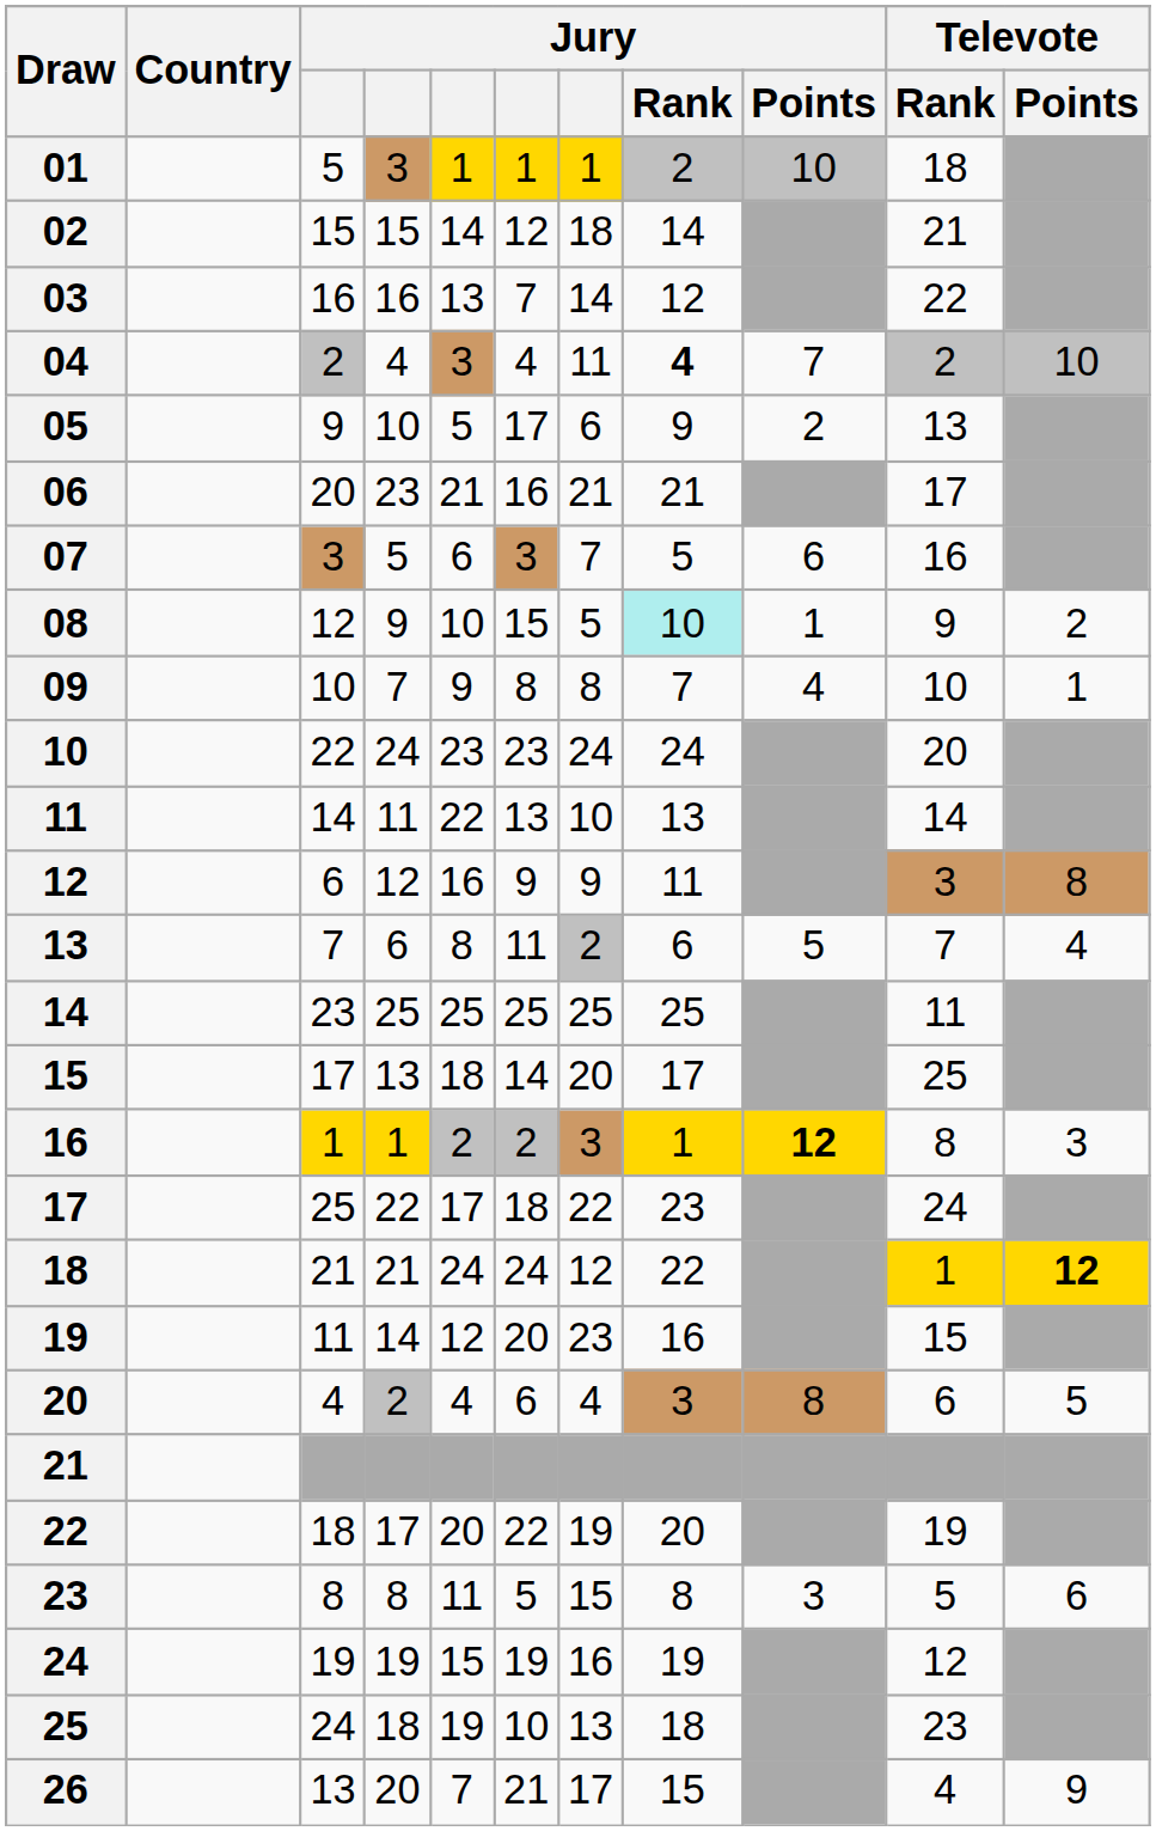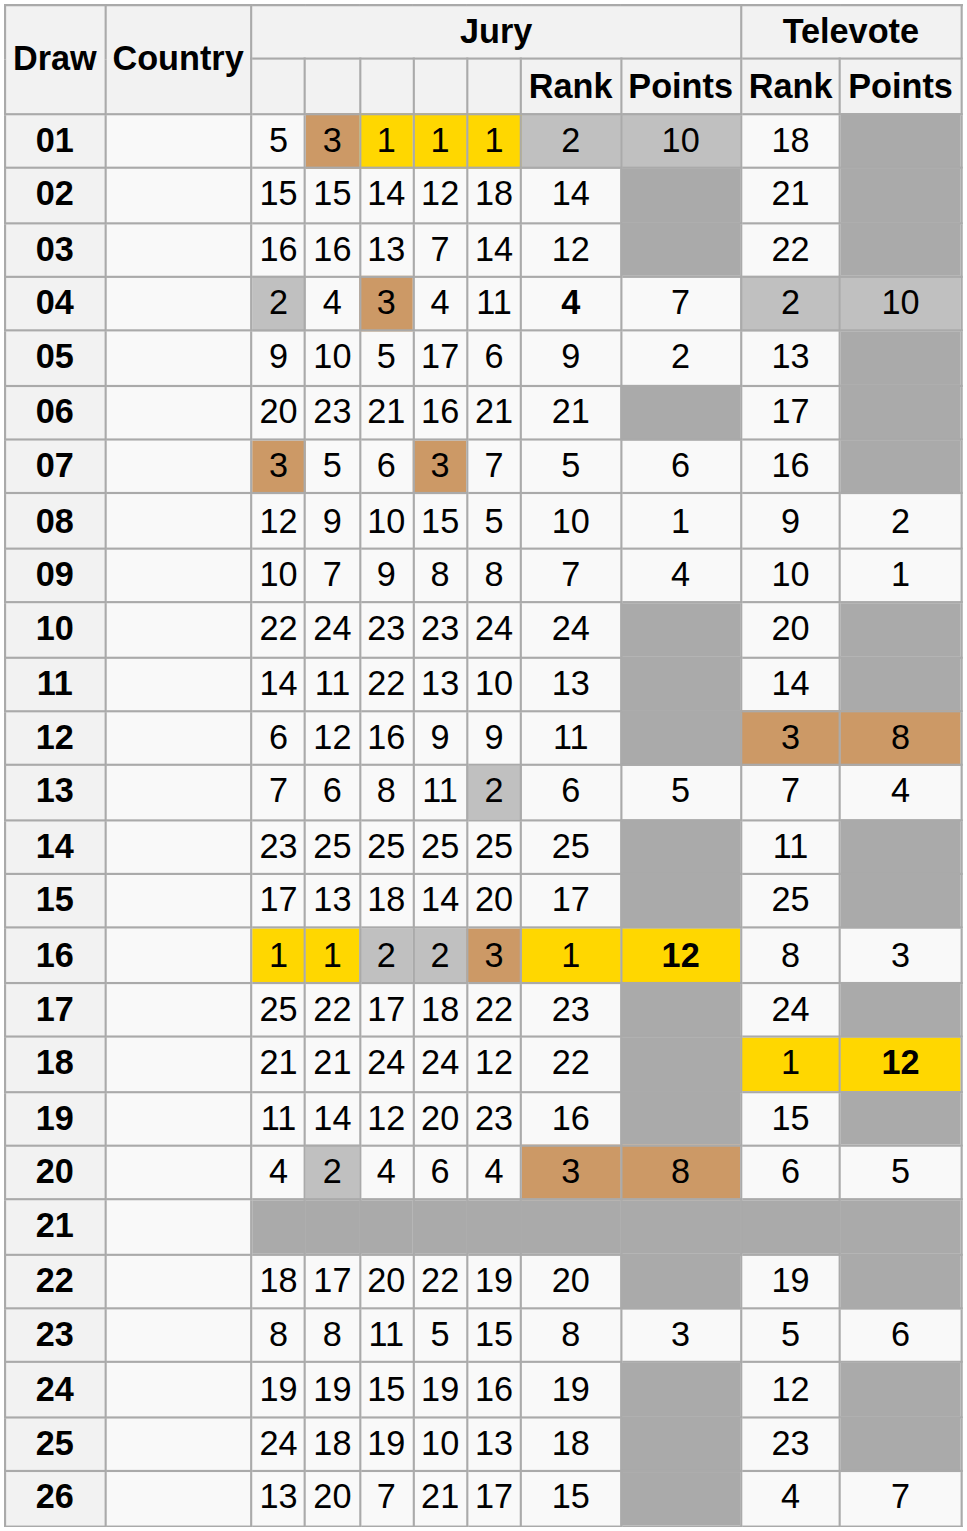 <table class="sortable wikitable collapsible plainrowheaders" style="text-align:center;">
 <tr>
 </tr>
 <tr>
 <th scope="col" rowspan="2">Draw</th>
 <th scope="col" rowspan="2">Country</th>
 <th scope="col" colspan="7">Jury</th>
 <th scope="col" colspan="2">Televote</th>
 </tr>
 <tr>
 <th scope="col"><small></small></th>
 <th scope="col"><small></small></th>
 <th scope="col"><small></small></th>
 <th scope="col"><small></small></th>
 <th scope="col"><small></small></th>
 <th scope="col">Rank</th>
 <th scope="col">Points</th>
 <th scope="col">Rank</th>
 <th scope="col">Points</th>
 </tr>
 <tr>
 <th scope="row" style="text-align:center;">01</th>
 <td style="text-align:left;"></td>
 <td>5</td>
 <td style="background:#CC9966;">3</td>
 <td style="background:gold;">1</td>
 <td style="background:gold;">1</td>
 <td style="background:gold;">1</td>
 <td style="background:silver;">2</td>
 <td style="background:silver;">10</td>
 <td>18</td>
 <td style="background:#AAAAAA;"></td>
 </tr>
 <tr>
 <th scope="row" style="text-align:center;">02</th>
 <td style="text-align:left;"></td>
 <td>15</td>
 <td>15</td>
 <td>14</td>
 <td>12</td>
 <td>18</td>
 <td>14</td>
 <td style="background:#AAAAAA;"></td>
 <td>21</td>
 <td style="background:#AAAAAA;"></td>
 </tr>
 <tr>
 <th scope="row" style="text-align:center;">03</th>
 <td style="text-align:left;"></td>
 <td>16</td>
 <td>16</td>
 <td>13</td>
 <td>7</td>
 <td>14</td>
 <td>12</td>
 <td style="background:#AAAAAA;"></td>
 <td>22</td>
 <td style="background:#AAAAAA;"></td>
 </tr>
 <tr>
 <th scope="row" style="text-align:center;">04</th>
 <td style="text-align:left;"></td>
 <td style="background:silver;">2</td>
 <td>4</td>
 <td style="background:#CC9966;">3</td>
 <td>4</td>
 <td>11</td>
 <td><strong>4</strong></td>
 <td>7</td>
 <td style="background:silver;">2</td>
 <td style="background:silver;">10</td>
 </tr>
 <tr>
 <th scope="row" style="text-align:center;">05</th>
 <td style="text-align:left;"></td>
 <td>9</td>
 <td>10</td>
 <td>5</td>
 <td>17</td>
 <td>6</td>
 <td>9</td>
 <td>2</td>
 <td>13</td>
 <td style="background:#AAAAAA;"></td>
 </tr>
 <tr>
 <th scope="row" style="text-align:center;">06</th>
 <td style="text-align:left;"></td>
 <td>20</td>
 <td>23</td>
 <td>21</td>
 <td>16</td>
 <td>21</td>
 <td>21</td>
 <td style="background:#AAAAAA;"></td>
 <td>17</td>
 <td style="background:#AAAAAA;"></td>
 </tr>
 <tr>
 <th scope="row" style="text-align:center;">07</th>
 <td style="text-align:left;"></td>
 <td style="background:#CC9966;">3</td>
 <td>5</td>
 <td>6</td>
 <td style="background:#CC9966;">3</td>
 <td>7</td>
 <td>5</td>
 <td>6</td>
 <td>16</td>
 <td style="background:#AAAAAA;"></td>
 </tr>
 <tr>
 <th scope="row" style="text-align:center;">08</th>
 <td style="text-align:left;"></td>
 <td>12</td>
 <td>9</td>
 <td>10</td>
 <td>15</td>
 <td>5</td>
-<td style="background: paleturquoise;">10</td>
+<td>10</td>
 <td>1</td>
 <td>9</td>
 <td>2</td>
 </tr>
 <tr>
 <th scope="row" style="text-align:center;">09</th>
 <td style="text-align:left;"></td>
 <td>10</td>
 <td>7</td>
 <td>9</td>
 <td>8</td>
 <td>8</td>
 <td>7</td>
 <td>4</td>
 <td>10</td>
 <td>1</td>
 </tr>
 <tr>
 <th scope="row" style="text-align:center;">10</th>
 <td style="text-align:left;"></td>
 <td>22</td>
 <td>24</td>
 <td>23</td>
 <td>23</td>
 <td>24</td>
 <td>24</td>
 <td style="background:#AAAAAA;"></td>
 <td>20</td>
 <td style="background:#AAAAAA;"></td>
 </tr>
 <tr>
 <th scope="row" style="text-align:center;">11</th>
 <td style="text-align:left;"></td>
 <td>14</td>
 <td>11</td>
 <td>22</td>
 <td>13</td>
 <td>10</td>
 <td>13</td>
 <td style="background:#AAAAAA;"></td>
 <td>14</td>
 <td style="background:#AAAAAA;"></td>
 </tr>
 <tr>
 <th scope="row" style="text-align:center;">12</th>
 <td style="text-align:left;"></td>
 <td>6</td>
 <td>12</td>
 <td>16</td>
 <td>9</td>
 <td>9</td>
 <td>11</td>
 <td style="background:#AAAAAA;"></td>
 <td style="background:#CC9966;">3</td>
 <td style="background:#CC9966;">8</td>
 </tr>
 <tr>
 <th scope="row" style="text-align:center;">13</th>
 <td style="text-align:left;"></td>
 <td>7</td>
 <td>6</td>
 <td>8</td>
 <td>11</td>
 <td style="background:silver;">2</td>
 <td>6</td>
 <td>5</td>
 <td>7</td>
 <td>4</td>
 </tr>
 <tr>
 <th scope="row" style="text-align:center;">14</th>
 <td style="text-align:left;"></td>
 <td>23</td>
 <td>25</td>
 <td>25</td>
 <td>25</td>
 <td>25</td>
 <td>25</td>
 <td style="background:#AAAAAA;"></td>
 <td>11</td>
 <td style="background:#AAAAAA;"></td>
 </tr>
 <tr>
 <th scope="row" style="text-align:center;">15</th>
 <td style="text-align:left;"></td>
 <td>17</td>
 <td>13</td>
 <td>18</td>
 <td>14</td>
 <td>20</td>
 <td>17</td>
 <td style="background:#AAAAAA;"></td>
 <td>25</td>
 <td style="background:#AAAAAA;"></td>
 </tr>
 <tr>
 <th scope="row" style="text-align:center;">16</th>
 <td style="text-align:left;"></td>
 <td style="background:gold;">1</td>
 <td style="background:gold;">1</td>
 <td style="background:silver;">2</td>
 <td style="background:silver;">2</td>
 <td style="background:#CC9966;">3</td>
 <td style="background:gold;">1</td>
 <td style="background:gold;"><strong>12</strong></td>
 <td>8</td>
 <td>3</td>
 </tr>
 <tr>
 <th scope="row" style="text-align:center;">17</th>
 <td style="text-align:left;"></td>
 <td>25</td>
 <td>22</td>
 <td>17</td>
 <td>18</td>
 <td>22</td>
 <td>23</td>
 <td style="background:#AAAAAA;"></td>
 <td>24</td>
 <td style="background:#AAAAAA;"></td>
 </tr>
 <tr>
 <th scope="row" style="text-align:center;">18</th>
 <td style="text-align:left;"></td>
 <td>21</td>
 <td>21</td>
 <td>24</td>
 <td>24</td>
 <td>12</td>
 <td>22</td>
 <td style="background:#AAAAAA;"></td>
 <td style="background:gold;">1</td>
 <td style="background:gold;"><strong>12</strong></td>
 </tr>
 <tr>
 <th scope="row" style="text-align:center;">19</th>
 <td style="text-align:left;"></td>
 <td>11</td>
 <td>14</td>
 <td>12</td>
 <td>20</td>
 <td>23</td>
 <td>16</td>
 <td style="background:#AAAAAA;"></td>
 <td>15</td>
 <td style="background:#AAAAAA;"></td>
 </tr>
 <tr>
 <th scope="row" style="text-align:center;">20</th>
 <td style="text-align:left;"></td>
 <td>4</td>
 <td style="background:silver;">2</td>
 <td>4</td>
 <td>6</td>
 <td>4</td>
 <td style="background:#CC9966;">3</td>
 <td style="background:#CC9966;">8</td>
 <td>6</td>
 <td>5</td>
 </tr>
 <tr class="sortbottom">
 <th scope="row" style="text-align:center;">21</th>
 <td style="text-align:left;"></td>
 <td style="background:#AAAAAA;"></td>
 <td style="background:#AAAAAA;"></td>
 <td style="background:#AAAAAA;"></td>
 <td style="background:#AAAAAA;"></td>
 <td style="background:#AAAAAA;"></td>
 <td style="background:#AAAAAA;"></td>
 <td style="background:#AAAAAA;"></td>
 <td style="background:#AAAAAA;"></td>
 <td style="background:#AAAAAA;"></td>
 </tr>
 <tr>
 <th scope="row" style="text-align:center;">22</th>
 <td style="text-align:left;"></td>
 <td>18</td>
 <td>17</td>
 <td>20</td>
 <td>22</td>
 <td>19</td>
 <td>20</td>
 <td style="background:#AAAAAA;"></td>
 <td>19</td>
 <td style="background:#AAAAAA;"></td>
 </tr>
 <tr>
 <th scope="row" style="text-align:center;">23</th>
 <td style="text-align:left;"></td>
 <td>8</td>
 <td>8</td>
 <td>11</td>
 <td>5</td>
 <td>15</td>
 <td>8</td>
 <td>3</td>
 <td>5</td>
 <td>6</td>
 </tr>
 <tr>
 <th scope="row" style="text-align:center;">24</th>
 <td style="text-align:left;"></td>
 <td>19</td>
 <td>19</td>
 <td>15</td>
 <td>19</td>
 <td>16</td>
 <td>19</td>
 <td style="background:#AAAAAA;"></td>
 <td>12</td>
 <td style="background:#AAAAAA;"></td>
 </tr>
 <tr>
 <th scope="row" style="text-align:center;">25</th>
 <td style="text-align:left;"></td>
 <td>24</td>
 <td>18</td>
 <td>19</td>
 <td>10</td>
 <td>13</td>
 <td>18</td>
 <td style="background:#AAAAAA;"></td>
 <td>23</td>
 <td style="background:#AAAAAA;"></td>
 </tr>
 <tr>
 <th scope="row" style="text-align:center;">26</th>
 <td style="text-align:left;"></td>
 <td>13</td>
 <td>20</td>
 <td>7</td>
 <td>21</td>
 <td>17</td>
 <td>15</td>
 <td style="background:#AAAAAA;"></td>
 <td>4</td>
-<td>9</td>
+<td>7</td>
 </tr>
 </table>
